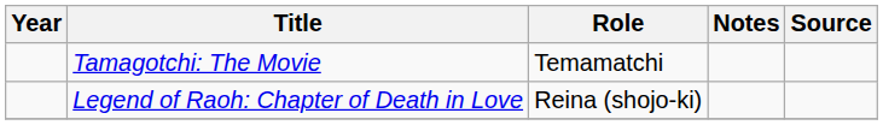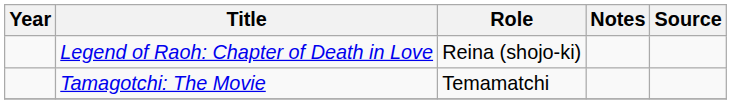 <table class="wikitable sortable plainrowheaders">
 <tr>
 <th>Year</th>
 <th>Title</th>
 <th>Role</th>
 <th class="unsortable">Notes</th>
 <th class="unsortable">Source</th>
 </tr>
 <tr>
 <td></td>
+<td><em><a href='#'>Legend of Raoh: Chapter of Death in Love</a></em></td>
+<td>Reina (shojo-ki)</td>
+<td></td>
+<td></td>
+</tr>
+<tr>
+<td></td>
 <td><em><a href='#'>Tamagotchi: The Movie</a></em></td>
 <td>Temamatchi</td>
 <td></td>
 <td></td>
 </tr>
 <tr>
-<td></td>
-<td><em><a href='#'>Legend of Raoh: Chapter of Death in Love</a></em></td>
-<td>Reina (shojo-ki)</td>
-<td></td>
-<td></td>
-</tr>
-<tr>
 </tr>
 </table>
